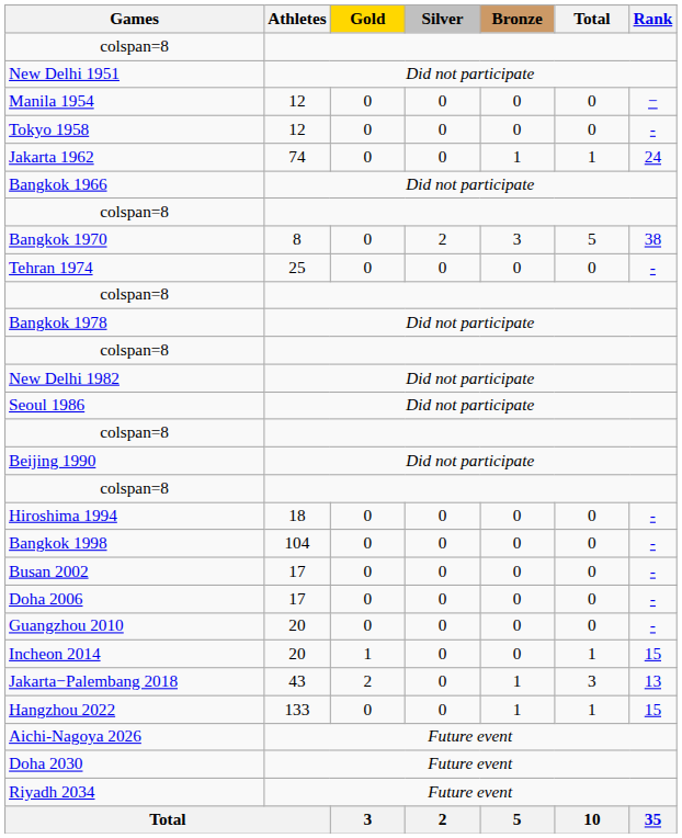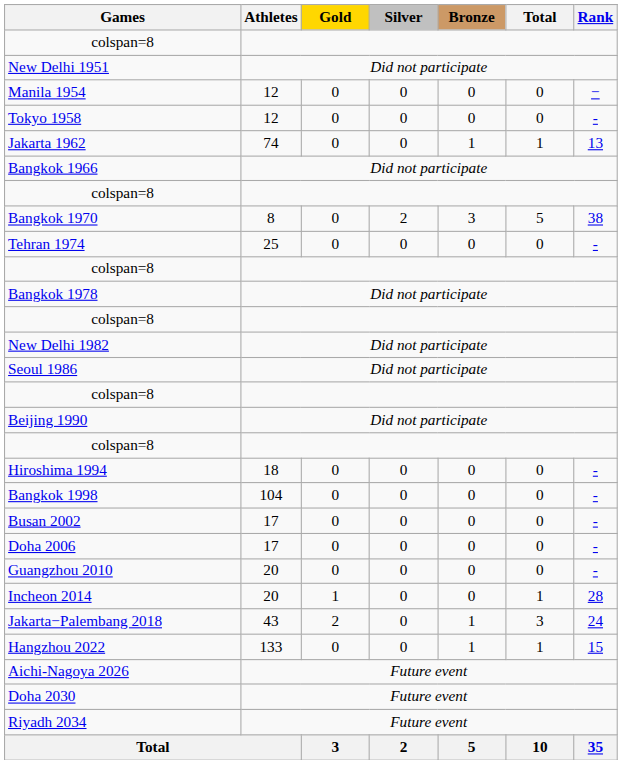 <table class="wikitable sortable" style="margin-top:0em; text-align:center; font-size:90%;">
 <tr>
 <th style="width:15em;">Games</th>
 <th style="width:2em;">Athletes</th>
 <th style="width:4em; background:gold;">Gold</th>
 <th style="width:4em; background:silver;">Silver</th>
 <th style="width:4em; background:#cc9966;">Bronze</th>
 <th style="width:4em;">Total</th>
 <th style="width:2em;"><a href='#'>Rank</a></th>
 </tr>
 <tr>
 <td>colspan=8 </td>
 </tr>
 <tr>
 <td align=left> <a href='#'>New Delhi 1951</a></td>
 <td colspan=6><em>Did not participate</em></td>
 </tr>
 <tr>
 <td align=left> <a href='#'>Manila 1954</a></td>
 <td>12</td>
 <td>0</td>
 <td>0</td>
 <td>0</td>
 <td>0</td>
 <td><a href='#'>−</a></td>
 </tr>
 <tr>
 <td align=left> <a href='#'>Tokyo 1958</a></td>
 <td>12</td>
 <td>0</td>
 <td>0</td>
 <td>0</td>
 <td>0</td>
 <td><a href='#'>-</a></td>
 </tr>
 <tr>
 <td align=left> <a href='#'>Jakarta 1962</a></td>
 <td>74</td>
 <td>0</td>
 <td>0</td>
 <td>1</td>
 <td>1</td>
-<td><a href='#'>24</a></td>
+<td><a href='#'>13</a></td>
 </tr>
 <tr>
 <td align=left> <a href='#'>Bangkok 1966</a></td>
 <td colspan=6><em>Did not participate</em></td>
 </tr>
 <tr>
 <td>colspan=8 </td>
 </tr>
 <tr>
 <td align=left> <a href='#'>Bangkok 1970</a></td>
 <td>8</td>
 <td>0</td>
 <td>2</td>
 <td>3</td>
 <td>5</td>
 <td><a href='#'>38</a></td>
 </tr>
 <tr>
 <td align=left> <a href='#'>Tehran 1974</a></td>
 <td>25</td>
 <td>0</td>
 <td>0</td>
 <td>0</td>
 <td>0</td>
 <td><a href='#'>-</a></td>
 </tr>
 <tr>
 <td>colspan=8 </td>
 </tr>
 <tr>
 <td align=left> <a href='#'>Bangkok 1978</a></td>
 <td colspan=6><em>Did not participate</em></td>
 </tr>
 <tr>
 <td>colspan=8 </td>
 </tr>
 <tr>
 <td align=left> <a href='#'>New Delhi 1982</a></td>
 <td colspan=6><em>Did not participate</em></td>
 </tr>
 <tr>
 <td align=left> <a href='#'>Seoul 1986</a></td>
 <td colspan=6><em>Did not participate</em></td>
 </tr>
 <tr>
 <td>colspan=8 </td>
 </tr>
 <tr>
 <td align=left> <a href='#'>Beijing 1990</a></td>
 <td colspan=6><em>Did not participate</em></td>
 </tr>
 <tr>
 <td>colspan=8 </td>
 </tr>
 <tr>
 <td align=left> <a href='#'>Hiroshima 1994</a></td>
 <td>18</td>
 <td>0</td>
 <td>0</td>
 <td>0</td>
 <td>0</td>
 <td><a href='#'>-</a></td>
 </tr>
 <tr>
 <td align=left> <a href='#'>Bangkok 1998</a></td>
 <td>104</td>
 <td>0</td>
 <td>0</td>
 <td>0</td>
 <td>0</td>
 <td><a href='#'>-</a></td>
 </tr>
 <tr>
 <td align=left> <a href='#'>Busan 2002</a></td>
 <td>17</td>
 <td>0</td>
 <td>0</td>
 <td>0</td>
 <td>0</td>
 <td><a href='#'>-</a></td>
 </tr>
 <tr>
 <td align=left> <a href='#'>Doha 2006</a></td>
 <td>17</td>
 <td>0</td>
 <td>0</td>
 <td>0</td>
 <td>0</td>
 <td><a href='#'>-</a></td>
 </tr>
 <tr>
 <td align=left> <a href='#'>Guangzhou 2010</a></td>
 <td>20</td>
 <td>0</td>
 <td>0</td>
 <td>0</td>
 <td>0</td>
 <td><a href='#'>-</a></td>
 </tr>
 <tr>
 <td align=left> <a href='#'>Incheon 2014</a></td>
 <td>20</td>
 <td>1</td>
 <td>0</td>
 <td>0</td>
 <td>1</td>
-<td><a href='#'>15</a></td>
+<td><a href='#'>28</a></td>
 </tr>
 <tr>
 <td align=left> <a href='#'>Jakarta−Palembang 2018</a></td>
 <td>43</td>
 <td>2</td>
 <td>0</td>
 <td>1</td>
 <td>3</td>
-<td><a href='#'>13</a></td>
+<td><a href='#'>24</a></td>
 </tr>
 <tr>
 <td align=left> <a href='#'>Hangzhou 2022</a></td>
 <td>133</td>
 <td>0</td>
 <td>0</td>
 <td>1</td>
 <td>1</td>
 <td><a href='#'>15</a></td>
 </tr>
 <tr>
 <td align=left> <a href='#'>Aichi-Nagoya 2026</a></td>
 <td colspan=6><em>Future event</em></td>
 </tr>
 <tr>
 <td align=left> <a href='#'>Doha 2030</a></td>
 <td colspan=6><em>Future event</em></td>
 </tr>
 <tr>
 <td align=left> <a href='#'>Riyadh 2034</a></td>
 <td colspan=6><em>Future event</em></td>
 </tr>
 <tr>
 <th colspan=2><strong>Total</strong></th>
 <th><strong>3</strong></th>
 <th><strong>2</strong></th>
 <th><strong>5</strong></th>
 <th><strong>10</strong></th>
 <th><strong><a href='#'>35</a></strong></th>
 </tr>
 <tr class="sortbottom">
 </tr>
 </table>
